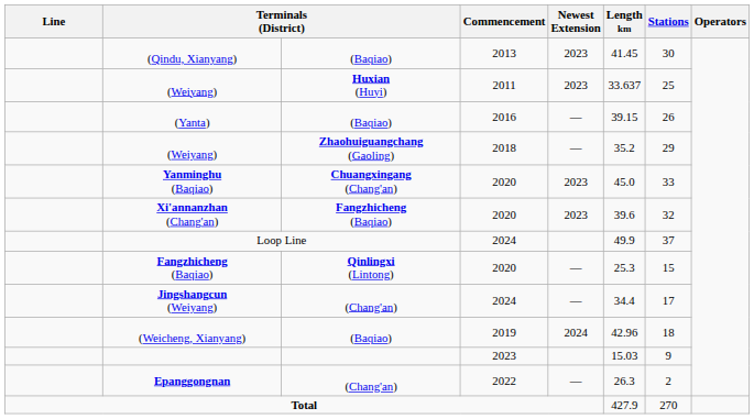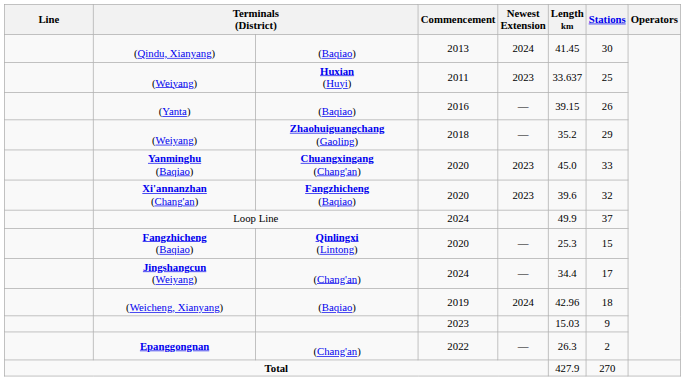 <table class="wikitable sortable" style="cell-padding:1.5; font-size:96%; text-align:center;">
 <tr>
 <th data-sort-type="text"style="width:120px;">Line</th>
 <th class="unsortable" colspan="2" style="width:450px; line-height:1.05">Terminals<br>(District)</th>
 <th>Commencement</th>
 <th>Newest<br>Extension</th>
 <th style="line-height:1.05">Length<br><small>km</small></th>
 <th style="line-height:1.05"><a href='#'>Stations</a></th>
 <th>Operators</th>
 </tr>
 <tr>
 <td style="text-align:center; line-height:1.05"></td>
 <td style="text-align:center; width:225px; line-height:1.05"><strong></strong><br>(<a href='#'>Qindu, Xianyang</a>)</td>
 <td style="text-align:center; width:225px; line-height:1.05"><strong></strong><br>(<a href='#'>Baqiao</a>)</td>
 <td style="text-align:center; line-height:1.05">2013</td>
-<td style="text-align:center; line-height:1.05">2023</td>
+<td>2024</td>
 <td style="text-align:center; line-height:1.05">41.45</td>
 <td style="text-align:center; line-height:1.05">30</td>
 <td rowspan="12"></td>
 </tr>
 <tr>
 <td style="text-align:center; line-height:1.05"></td>
 <td style="text-align:center; width:225px; line-height:1.05"><strong></strong><br>(<a href='#'>Weiyang</a>)</td>
 <td><strong><a href='#'>Huxian</a></strong><br>(<a href='#'>Huyi</a>)</td>
 <td style="text-align:center; line-height:1.05">2011</td>
 <td style="text-align:center; line-height:1.05">2023</td>
 <td style="text-align:center; line-height:1.05">33.637</td>
 <td style="text-align:center; line-height:1.05">25</td>
 </tr>
 <tr>
 <td style="text-align:center; line-height:1.05"></td>
 <td style="text-align:center; width:225px; line-height:1.05"><strong></strong><br>(<a href='#'>Yanta</a>)</td>
 <td style="text-align:center; width:225px; line-height:1.05"><strong></strong><br>(<a href='#'>Baqiao</a>)</td>
 <td style="text-align:center; line-height:1.05">2016</td>
 <td style="text-align:center; line-height:1.05">—</td>
 <td style="text-align:center; line-height:1.05">39.15</td>
 <td style="text-align:center; line-height:1.05">26</td>
 </tr>
 <tr>
 <td style="text-align:center; line-height:1.05"></td>
 <td style="text-align:center; width:225px; line-height:1.05"><strong></strong><br>(<a href='#'>Weiyang</a>)</td>
 <td><strong><a href='#'>Zhaohuiguangchang</a></strong><br>(<a href='#'>Gaoling</a>)</td>
 <td style="text-align:center; line-height:1.05">2018</td>
 <td style="text-align:center; line-height:1.05">—</td>
 <td style="text-align:center; line-height:1.05">35.2</td>
 <td style="text-align:center; line-height:1.05">29</td>
 </tr>
 <tr>
 <td></td>
 <td><strong><a href='#'>Yanminghu</a></strong><br>(<a href='#'>Baqiao</a>)</td>
 <td><strong><a href='#'>Chuangxingang</a></strong><br>(<a href='#'>Chang'an</a>)</td>
 <td>2020</td>
 <td style="text-align:center; line-height:1.05">2023</td>
 <td>45.0</td>
 <td>33</td>
 </tr>
 <tr>
 <td></td>
 <td><strong><a href='#'>Xi'annanzhan</a></strong><br>(<a href='#'>Chang'an</a>)</td>
 <td><strong><a href='#'>Fangzhicheng</a></strong><br>(<a href='#'>Baqiao</a>)</td>
 <td>2020</td>
 <td style="text-align:center; line-height:1.05">2023</td>
 <td>39.6</td>
 <td>32</td>
 </tr>
 <tr>
 <td></td>
 <td colspan="2">Loop Line</td>
 <td>2024</td>
 <td></td>
 <td>49.9</td>
 <td>37</td>
 </tr>
 <tr>
 <td></td>
 <td><strong><a href='#'>Fangzhicheng</a></strong><br>(<a href='#'>Baqiao</a>)</td>
 <td><strong><a href='#'>Qinlingxi</a></strong><br>(<a href='#'>Lintong</a>)</td>
 <td>2020</td>
 <td>—</td>
 <td>25.3</td>
 <td>15</td>
 </tr>
 <tr>
 <td></td>
 <td><strong><a href='#'>Jingshangcun</a></strong><br>(<a href='#'>Weiyang</a>)</td>
 <td style="text-align:center; width:225px; line-height:1.05"><strong></strong><br>(<a href='#'>Chang'an</a>)</td>
 <td>2024</td>
 <td>—</td>
 <td>34.4</td>
 <td>17</td>
 </tr>
 <tr>
 <td></td>
 <td style="text-align:center; width:225px; line-height:1.05"><strong></strong><br>(<a href='#'>Weicheng, Xianyang</a>)</td>
 <td style="text-align:center; width:225px; line-height:1.05"><strong></strong><br>(<a href='#'>Baqiao</a>)</td>
 <td style="text-align:center; line-height:1.05">2019</td>
 <td>2024</td>
 <td style="text-align:center; line-height:1.05">42.96</td>
 <td style="text-align:center; line-height:1.05">18</td>
 </tr>
 <tr>
 <td></td>
 <td style="text-align:center; width:225px; line-height:1.05"><strong></strong></td>
 <td style="text-align:center; width:225px; line-height:1.05"><strong></strong></td>
 <td style="text-align:center; line-height:1.05">2023</td>
 <td style="text-align:center; line-height:1.05"></td>
 <td style="text-align:center; line-height:1.05">15.03</td>
 <td style="text-align:center; line-height:1.05">9</td>
 </tr>
 <tr>
 <td></td>
 <td><a href='#'><strong>Epanggongnan</strong></a></td>
 <td style="text-align:center; width:225px; line-height:1.05"><strong></strong><br>(<a href='#'>Chang'an</a>)</td>
 <td>2022</td>
 <td>—</td>
 <td>26.3</td>
 <td>2</td>
 </tr>
 <tr class="sortbottom">
 <td colspan="5" style="text-align:center; line-height:1.05"><strong>Total</strong></td>
 <td style="text-align:center; line-height:1.05">427.9</td>
 <td style="text-align:center; line-height:1.05">270</td>
 <td></td>
 </tr>
 </table>
